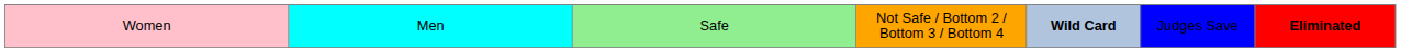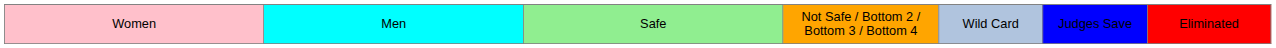 <table border="2" cellpadding="6" style="background:silver; border:1px solid gray; border-collapse:collapse; margin:1em auto; text-align:center;">
 <tr>
 </tr>
 <tr>
 <td style="background:pink;" width="10%">Women</td>
 <td style="background:cyan;" width="10%">Men</td>
 <td style="background:lightgreen;" width="10%">Safe</td>
 <td style="background:orange;" width="6%">Not Safe / Bottom 2 / Bottom 3 / Bottom 4</td>
-<td style="background:lightsteelblue;" width="4%"><strong>Wild Card</strong></td>
+<td style="background:lightsteelblue;" width="4%">Wild Card</td>
 <td style="background:blue;" width="4%"><span>Judges Save</span></td>
-<td style="background:red;" width="4%"><strong><span>Eliminated</span></strong></td>
+<td style="background:red;" width="4%"><span>Eliminated</span></td>
 </tr>
 </table>
